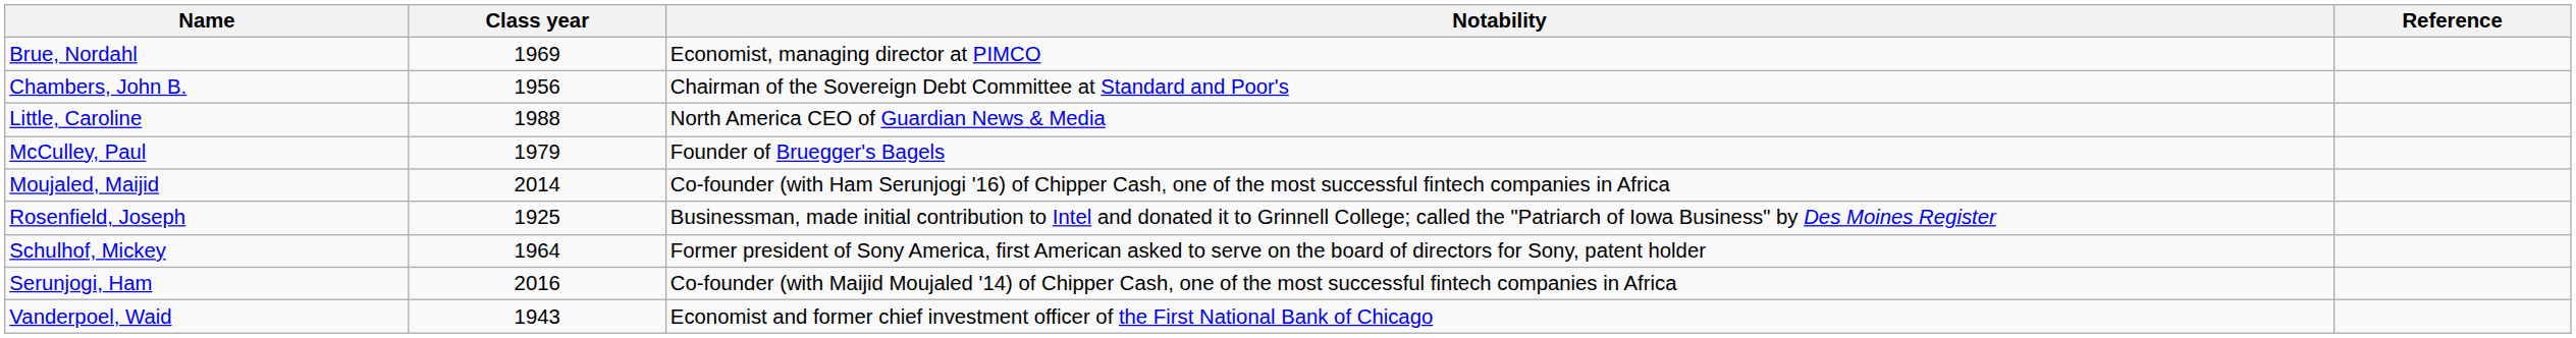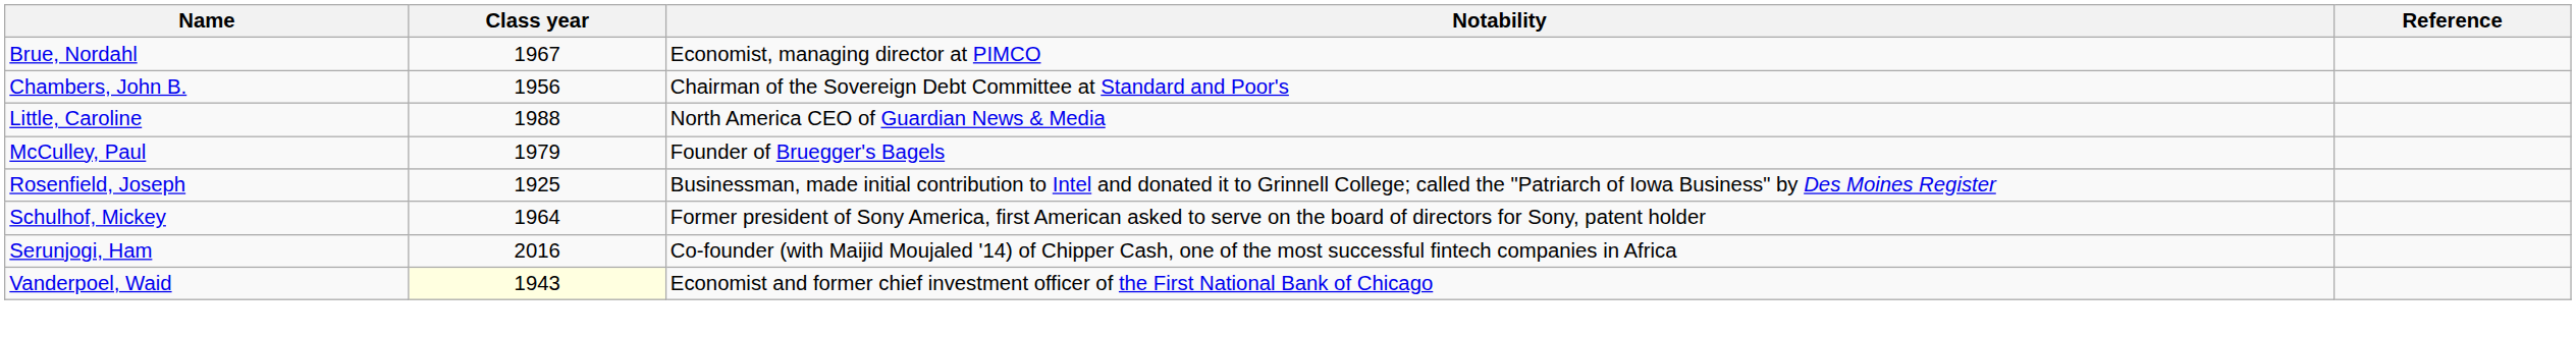 <table class="wikitable sortable" style="width:100%">
 <tr>
 <th width="*">Name</th>
 <th width="10%">Class year</th>
 <th width="65%">Notability</th>
 <th width="*">Reference</th>
 </tr>
 <tr valign="top">
 <td><a href='#'>Brue, Nordahl</a></td>
-<td align="center">1969</td>
+<td align="center">1967</td>
 <td>Economist, managing director at <a href='#'>PIMCO</a></td>
 <td align="center"></td>
 </tr>
 <tr valign="top">
 <td><a href='#'>Chambers, John B.</a></td>
 <td align="center">1956</td>
 <td>Chairman of the Sovereign Debt Committee at <a href='#'>Standard and Poor's</a></td>
 <td align="center"></td>
 </tr>
 <tr valign="top">
 <td><a href='#'>Little, Caroline</a></td>
 <td align="center">1988</td>
 <td>North America CEO of <a href='#'>Guardian News & Media</a></td>
 <td align="center"></td>
 </tr>
 <tr valign="top">
 <td><a href='#'>McCulley, Paul</a></td>
 <td align="center">1979</td>
 <td>Founder of <a href='#'>Bruegger's Bagels</a></td>
 <td align="center"></td>
 </tr>
 <tr valign="top">
-<td><a href='#'>Moujaled, Maijid</a></td>
-<td align="center">2014</td>
-<td>Co-founder (with Ham Serunjogi '16) of Chipper Cash, one of the most successful fintech companies in Africa</td>
-<td align="center"></td>
-</tr>
-<tr valign="top">
 <td><a href='#'>Rosenfield, Joseph</a></td>
 <td align="center">1925</td>
 <td>Businessman, made initial contribution to <a href='#'>Intel</a> and donated it to Grinnell College; called the "Patriarch of Iowa Business" by <em><a href='#'>Des Moines Register</a></em></td>
 <td align="center"></td>
 </tr>
 <tr valign="top">
 <td><a href='#'>Schulhof, Mickey</a></td>
 <td align="center">1964</td>
 <td>Former president of Sony America, first American asked to serve on the board of directors for Sony, patent holder</td>
 <td align="center"></td>
 </tr>
 <tr valign="top">
 <td><a href='#'>Serunjogi, Ham</a></td>
 <td align="center">2016</td>
 <td>Co-founder (with Maijid Moujaled '14) of Chipper Cash, one of the most successful fintech companies in Africa</td>
 <td align="center"></td>
 </tr>
 <tr valign="top">
 <td><a href='#'>Vanderpoel, Waid</a></td>
-<td align="center">1943</td>
+<td align="center" style="background: lightyellow;">1943</td>
 <td>Economist and former chief investment officer of <a href='#'>the First National Bank of Chicago</a></td>
 <td align="center"></td>
 </tr>
 </table>
